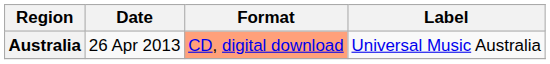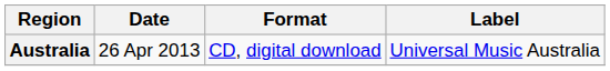 <table class="wikitable plainrowheaders">
 <tr>
 <th scope="col">Region</th>
 <th scope="col">Date</th>
 <th scope="col">Format</th>
 <th scope="col">Label</th>
 </tr>
 <tr>
 <th scope="row">Australia</th>
 <td>26 Apr 2013</td>
-<td style="background: lightsalmon;"><a href='#'>CD</a>, <a href='#'>digital download</a></td>
+<td><a href='#'>CD</a>, <a href='#'>digital download</a></td>
 <td><a href='#'>Universal Music</a> Australia</td>
 </tr>
 <tr>
 </tr>
 </table>
